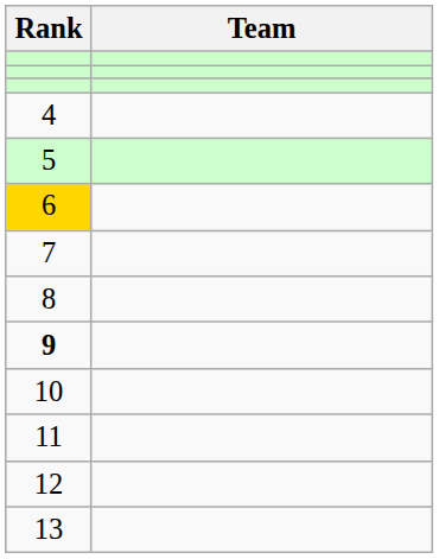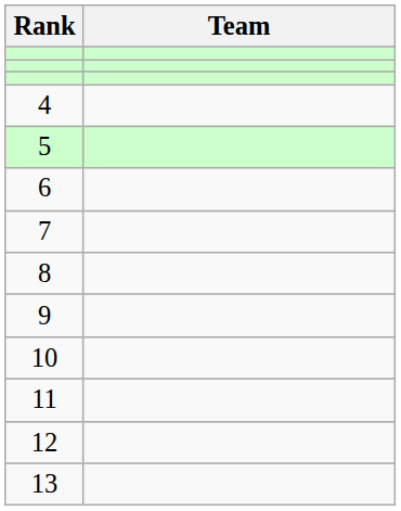 <table class="wikitable" style="text-align: center;">
 <tr>
 <th width=40>Rank</th>
 <th width=180>Team</th>
 </tr>
 <tr bgcolor=#CCFFCC>
 <td></td>
 <td align="left"></td>
 </tr>
 <tr bgcolor=#CCFFCC>
 <td></td>
 <td align="left"></td>
 </tr>
 <tr bgcolor=#CCFFCC>
 <td></td>
 <td align="left"></td>
 </tr>
 <tr>
 <td>4</td>
 <td align="left"></td>
 </tr>
 <tr bgcolor=#CCFFCC>
 <td>5</td>
 <td align="left"></td>
 </tr>
 <tr>
-<td style="background: gold;">6</td>
+<td>6</td>
 <td align="left"></td>
 </tr>
 <tr>
 <td>7</td>
 <td align="left"></td>
 </tr>
 <tr>
 <td>8</td>
 <td align="left"></td>
 </tr>
 <tr>
-<td><strong>9</strong></td>
+<td>9</td>
 <td align="left"></td>
 </tr>
 <tr>
 <td>10</td>
 <td align="left"></td>
 </tr>
 <tr>
 <td>11</td>
 <td align="left"></td>
 </tr>
 <tr>
 <td>12</td>
 <td align="left"></td>
 </tr>
 <tr>
 <td>13</td>
 <td align="left"></td>
 </tr>
 </table>
